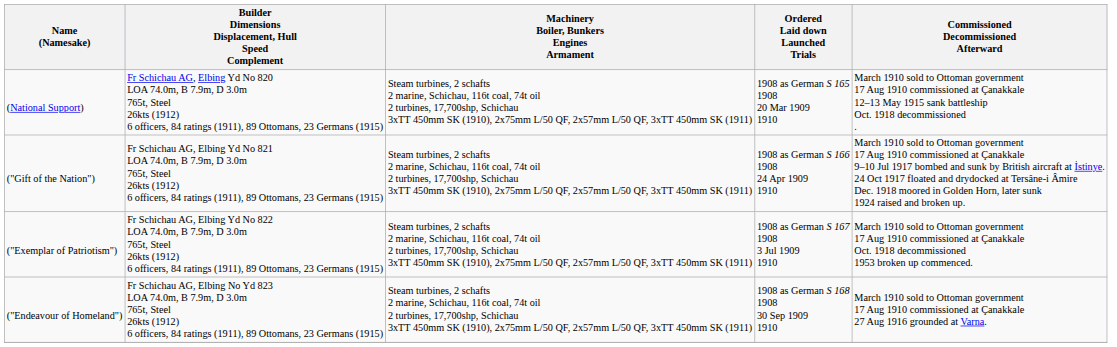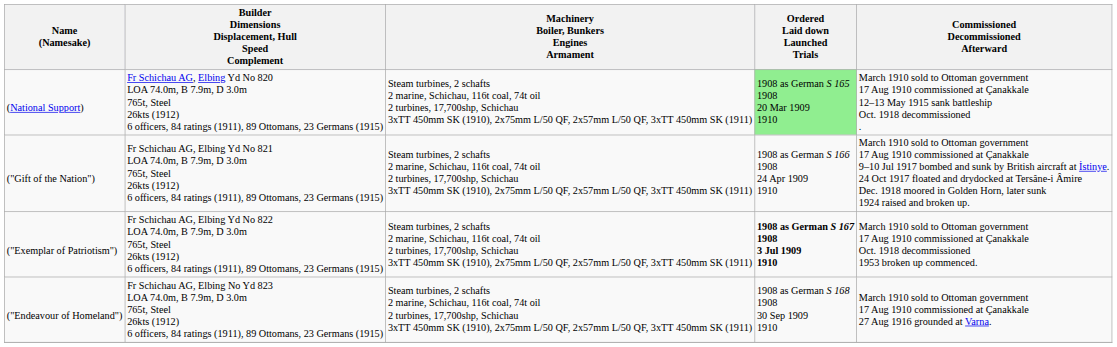 <table class="wikitable" style="font-size:90%;">
 <tr bgcolor="#e6e9ff">
 <th>Name<br>(Namesake)</th>
 <th>Builder<br>Dimensions<br>Displacement, Hull<br>Speed<br>Complement</th>
 <th>Machinery<br>Boiler, Bunkers<br>Engines<br>Armament</th>
 <th>Ordered<br>Laid down<br>Launched<br>Trials</th>
 <th>Commissioned<br>Decommissioned<br>Afterward</th>
 </tr>
 <tr ---->
 <td><br>(<a href='#'>National Support</a>)</td>
 <td> <a href='#'>Fr Schichau AG</a>, <a href='#'>Elbing</a> Yd No 820<br>LOA 74.0m, B 7.9m, D 3.0m<br>765t, Steel<br>26kts (1912)<br>6 officers, 84 ratings (1911), 89 Ottomans, 23 Germans (1915)</td>
 <td>Steam turbines, 2 schafts<br>2 marine, Schichau, 116t coal, 74t oil<br>2 turbines, 17,700shp, Schichau<br>3xTT 450mm SK (1910), 2x75mm L/50 QF, 2x57mm L/50 QF, 3xTT 450mm SK (1911)</td>
-<td>1908 as  German <em>S 165</em><br>1908<br>20 Mar 1909<br>1910</td>
+<td style="background: lightgreen;">1908 as  German <em>S 165</em><br>1908<br>20 Mar 1909<br>1910</td>
 <td>March 1910 sold to Ottoman government<br>17 Aug 1910 commissioned at Çanakkale<br>12–13 May 1915 sank battleship <br>Oct. 1918 decommissioned<br>.</td>
 </tr>
 <tr ---->
 <td><br>("Gift of the Nation")</td>
 <td> Fr Schichau AG, Elbing Yd No 821<br>LOA 74.0m, B 7.9m, D 3.0m<br>765t, Steel<br>26kts (1912)<br>6 officers, 84 ratings (1911), 89 Ottomans, 23 Germans (1915)</td>
 <td>Steam turbines, 2 schafts<br>2 marine, Schichau, 116t coal, 74t oil<br>2 turbines, 17,700shp, Schichau<br>3xTT 450mm SK (1910), 2x75mm L/50 QF, 2x57mm L/50 QF, 3xTT 450mm SK (1911)</td>
 <td>1908 as  German <em>S 166</em><br>1908<br>24 Apr 1909<br>1910</td>
 <td>March 1910 sold to Ottoman government<br>17 Aug 1910 commissioned at Çanakkale<br>9–10 Jul 1917 bombed and sunk by British aircraft at <a href='#'>İstinye</a>.<br>24 Oct 1917 floated and drydocked at Tersâne-i Âmire<br>Dec. 1918 moored in Golden Horn, later sunk<br>1924 raised and broken up.</td>
 </tr>
 <tr ---->
 <td><br>("Exemplar of Patriotism")</td>
 <td> Fr Schichau AG, Elbing Yd No 822<br>LOA 74.0m, B 7.9m, D 3.0m<br>765t, Steel<br>26kts (1912)<br>6 officers, 84 ratings (1911), 89 Ottomans, 23 Germans (1915)</td>
 <td>Steam turbines, 2 schafts<br>2 marine, Schichau, 116t coal, 74t oil<br>2 turbines, 17,700shp, Schichau<br>3xTT 450mm SK (1910), 2x75mm L/50 QF, 2x57mm L/50 QF, 3xTT 450mm SK (1911)</td>
-<td>1908 as  German <em>S 167</em><br>1908<br>3 Jul 1909<br>1910</td>
+<td><strong>1908 as  German <em>S 167</em><br>1908<br>3 Jul 1909<br>1910</strong></td>
 <td>March 1910 sold to Ottoman government<br>17 Aug 1910 commissioned at Çanakkale<br>Oct. 1918 decommissioned<br>1953 broken up commenced.</td>
 </tr>
 <tr ---->
 <td><br>("Endeavour of Homeland")</td>
 <td> Fr Schichau AG, Elbing No Yd 823<br>LOA 74.0m, B 7.9m, D 3.0m<br>765t, Steel<br>26kts (1912)<br>6 officers, 84 ratings (1911), 89 Ottomans, 23 Germans (1915)</td>
 <td>Steam turbines, 2 schafts<br>2 marine, Schichau, 116t coal, 74t oil<br>2 turbines, 17,700shp, Schichau<br>3xTT 450mm SK (1910), 2x75mm L/50 QF, 2x57mm L/50 QF, 3xTT 450mm SK (1911)</td>
 <td>1908 as  German <em>S 168</em><br>1908<br>30 Sep 1909<br>1910</td>
 <td>March 1910 sold to Ottoman government<br>17 Aug 1910 commissioned at Çanakkale<br>27 Aug 1916 grounded at <a href='#'>Varna</a>.</td>
 </tr>
 <tr ---->
 </tr>
 </table>
